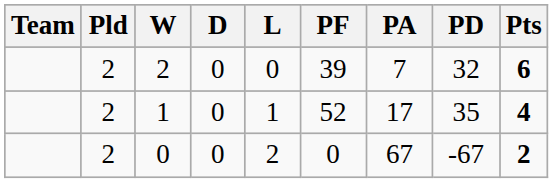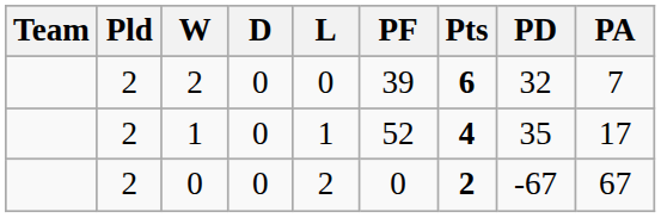 <table class="wikitable" style="text-align:center;">
 <tr>
 <th>Team</th>
 <th width="25">Pld</th>
 <th width="25">W</th>
 <th width="25">D</th>
 <th width="25">L</th>
 <th width="32">PF</th>
+<th>Pts</th>
+<th width="32">PD</th>
 <th width="32">PA</th>
-<th width="32">PD</th>
-<th>Pts</th>
 </tr>
 <tr>
 <td align="left"></td>
 <td>2</td>
 <td>2</td>
 <td>0</td>
 <td>0</td>
 <td>39</td>
+<td><strong>6</strong></td>
+<td>32</td>
 <td>7</td>
-<td>32</td>
-<td><strong>6</strong></td>
 </tr>
 <tr>
 <td align="left"></td>
 <td>2</td>
 <td>1</td>
 <td>0</td>
 <td>1</td>
 <td>52</td>
+<td><strong>4</strong></td>
+<td>35</td>
 <td>17</td>
-<td>35</td>
-<td><strong>4</strong></td>
 </tr>
 <tr>
 <td align="left"></td>
 <td>2</td>
 <td>0</td>
 <td>0</td>
 <td>2</td>
 <td>0</td>
+<td><strong>2</strong></td>
+<td>-67</td>
 <td>67</td>
-<td>-67</td>
-<td><strong>2</strong></td>
 </tr>
 </table>
